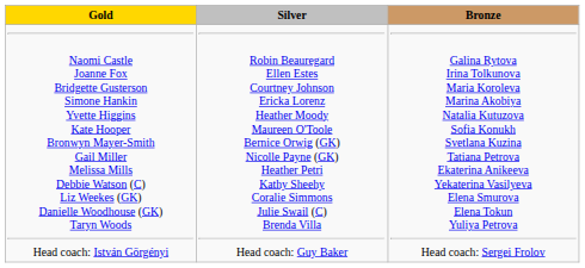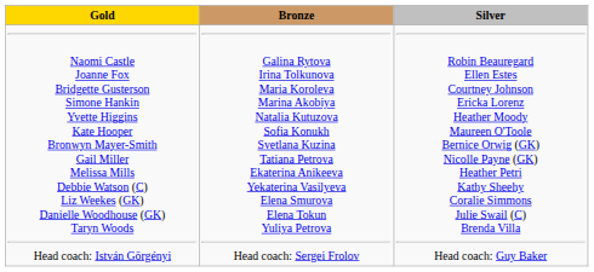 <table class="wikitable" style="text-align:center; font-size: 95%;">
 <tr>
 <td style="width: 16em;background: gold"><strong>Gold</strong></td>
+<td style="width: 16em;background: #CC9966"><strong>Bronze</strong></td>
 <td style="width: 16em;background: silver"><strong>Silver</strong></td>
-<td style="width: 16em;background: #CC9966"><strong>Bronze</strong></td>
 </tr>
 <tr>
 <td><hr><br><a href='#'>Naomi Castle</a><br><a href='#'>Joanne Fox</a><br><a href='#'>Bridgette Gusterson</a><br><a href='#'>Simone Hankin</a><br><a href='#'>Yvette Higgins</a><br><a href='#'>Kate Hooper</a><br><a href='#'>Bronwyn Mayer-Smith</a><br><a href='#'>Gail Miller</a><br><a href='#'>Melissa Mills</a><br><a href='#'>Debbie Watson</a> (<a href='#'>C</a>)<br><a href='#'>Liz Weekes</a> (<a href='#'>GK</a>)<br><a href='#'>Danielle Woodhouse</a> (<a href='#'>GK</a>)<br><a href='#'>Taryn Woods</a><br><hr>Head coach: <a href='#'>István Görgényi</a></td>
+<td><hr><br><a href='#'>Galina Rytova</a><br><a href='#'>Irina Tolkunova</a><br><a href='#'>Maria Koroleva</a><br><a href='#'>Marina Akobiya</a><br><a href='#'>Natalia Kutuzova</a><br><a href='#'>Sofia Konukh</a><br><a href='#'>Svetlana Kuzina</a><br><a href='#'>Tatiana Petrova</a><br><a href='#'>Ekaterina Anikeeva</a><br><a href='#'>Yekaterina Vasilyeva</a><br><a href='#'>Elena Smurova</a><br><a href='#'>Elena Tokun</a><br><a href='#'>Yuliya Petrova</a><br><hr>Head coach: <a href='#'>Sergei Frolov</a></td>
 <td><hr><br><a href='#'>Robin Beauregard</a><br><a href='#'>Ellen Estes</a><br><a href='#'>Courtney Johnson</a><br><a href='#'>Ericka Lorenz</a><br><a href='#'>Heather Moody</a><br><a href='#'>Maureen O'Toole</a><br><a href='#'>Bernice Orwig</a> (<a href='#'>GK</a>)<br><a href='#'>Nicolle Payne</a> (<a href='#'>GK</a>)<br><a href='#'>Heather Petri</a><br><a href='#'>Kathy Sheehy</a><br><a href='#'>Coralie Simmons</a><br><a href='#'>Julie Swail</a> (<a href='#'>C</a>)<br><a href='#'>Brenda Villa</a><br><hr>Head coach: <a href='#'>Guy Baker</a></td>
-<td><hr><br><a href='#'>Galina Rytova</a><br><a href='#'>Irina Tolkunova</a><br><a href='#'>Maria Koroleva</a><br><a href='#'>Marina Akobiya</a><br><a href='#'>Natalia Kutuzova</a><br><a href='#'>Sofia Konukh</a><br><a href='#'>Svetlana Kuzina</a><br><a href='#'>Tatiana Petrova</a><br><a href='#'>Ekaterina Anikeeva</a><br><a href='#'>Yekaterina Vasilyeva</a><br><a href='#'>Elena Smurova</a><br><a href='#'>Elena Tokun</a><br><a href='#'>Yuliya Petrova</a><br><hr>Head coach: <a href='#'>Sergei Frolov</a></td>
 </tr>
 </table>
